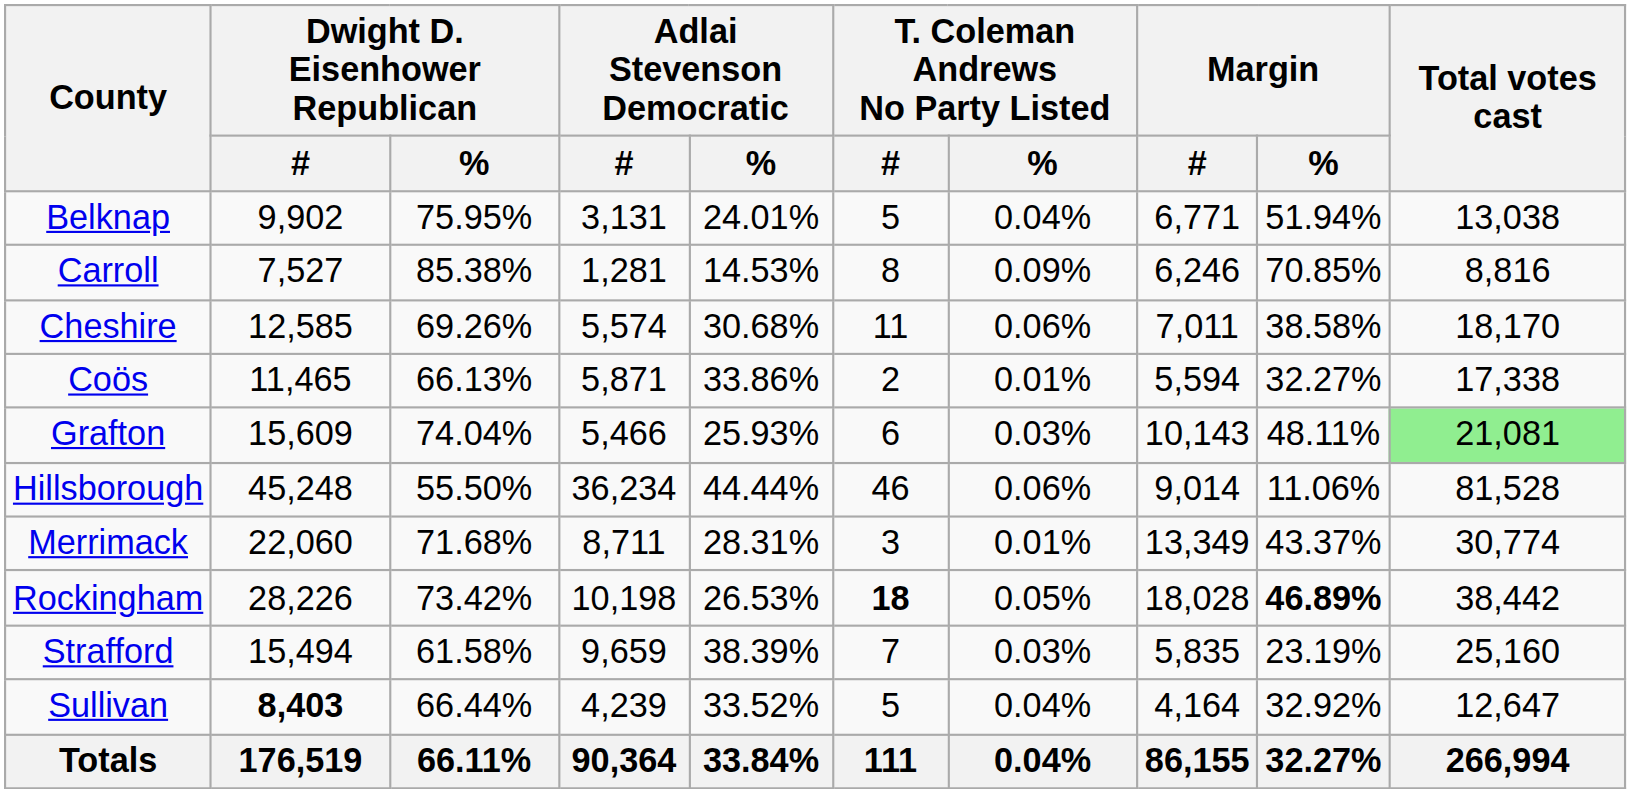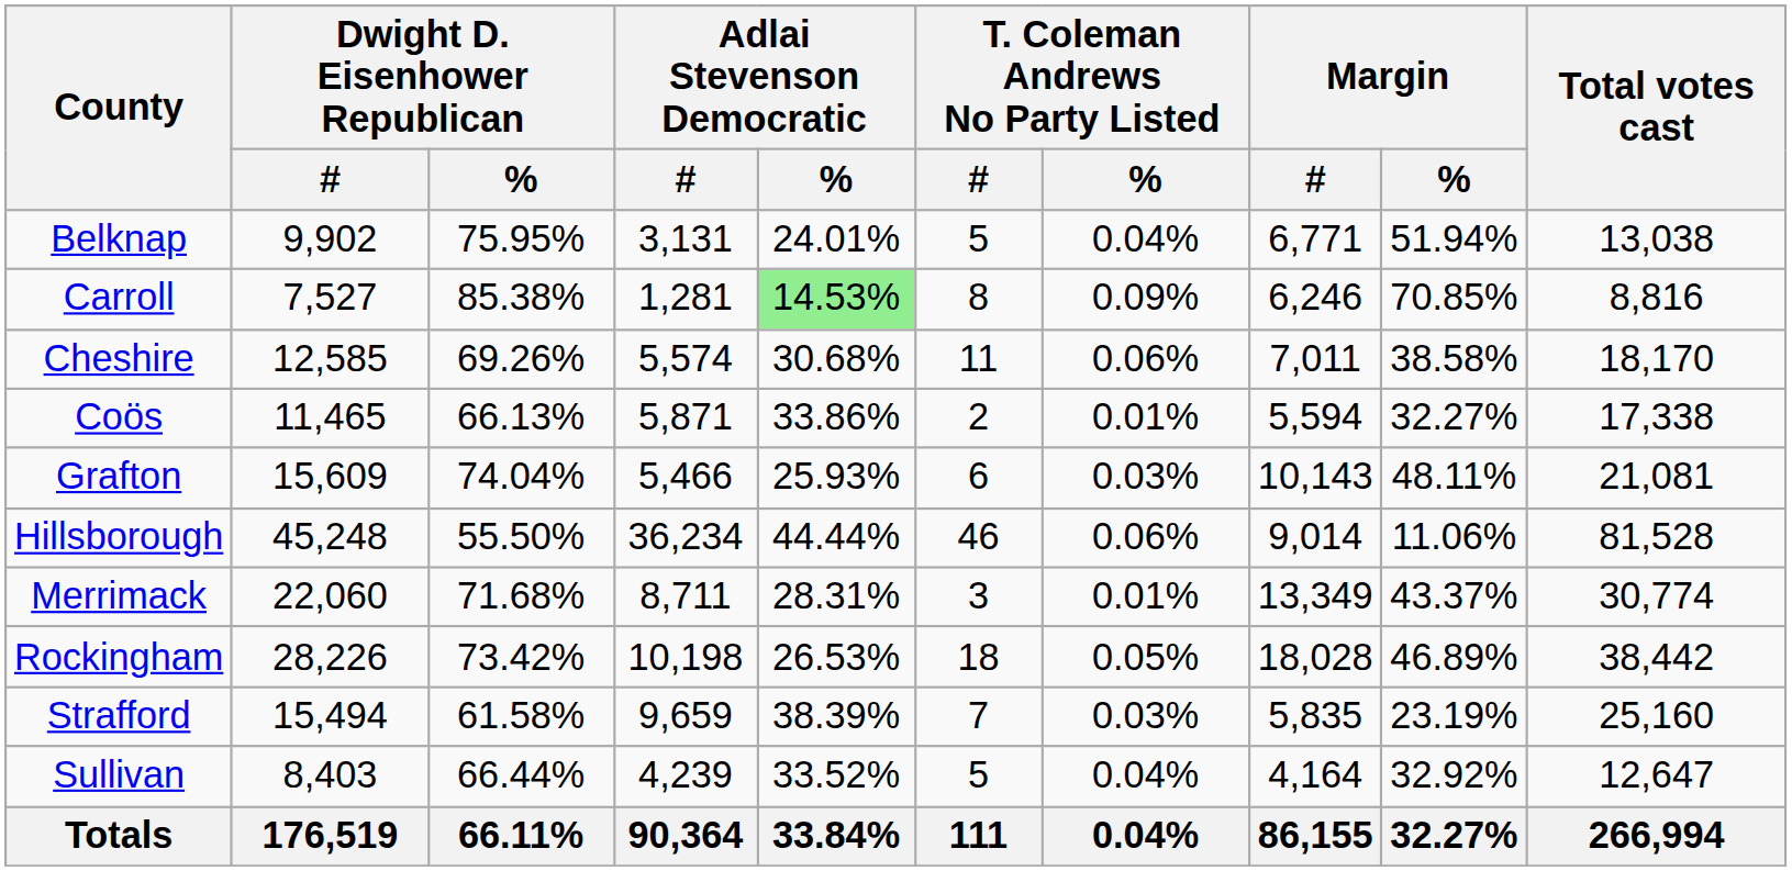 <table width="60%" class="wikitable sortable">
 <tr>
 <th rowspan="2">County</th>
 <th colspan="2">Dwight D. Eisenhower<br>Republican</th>
 <th colspan="2">Adlai Stevenson<br>Democratic</th>
 <th colspan="2">T. Coleman Andrews<br>No Party Listed</th>
 <th colspan="2">Margin</th>
 <th rowspan="2">Total votes cast</th>
 </tr>
 <tr>
 <th style="text-align:center;" data-sort-type="number">#</th>
 <th style="text-align:center;" data-sort-type="number">%</th>
 <th style="text-align:center;" data-sort-type="number">#</th>
 <th style="text-align:center;" data-sort-type="number">%</th>
 <th style="text-align:center;" data-sort-type="number">#</th>
 <th style="text-align:center;" data-sort-type="number">%</th>
 <th style="text-align:center;" data-sort-type="number">#</th>
 <th style="text-align:center;" data-sort-type="number">%</th>
 </tr>
 <tr style="text-align:center;">
 <td><a href='#'>Belknap</a></td>
 <td>9,902</td>
 <td>75.95%</td>
 <td>3,131</td>
 <td>24.01%</td>
 <td>5</td>
 <td>0.04%</td>
 <td>6,771</td>
 <td>51.94%</td>
 <td>13,038</td>
 </tr>
 <tr style="text-align:center;">
 <td><a href='#'>Carroll</a></td>
 <td>7,527</td>
 <td>85.38%</td>
 <td>1,281</td>
-<td>14.53%</td>
+<td style="background: lightgreen;">14.53%</td>
 <td>8</td>
 <td>0.09%</td>
 <td>6,246</td>
 <td>70.85%</td>
 <td>8,816</td>
 </tr>
 <tr style="text-align:center;">
 <td><a href='#'>Cheshire</a></td>
 <td>12,585</td>
 <td>69.26%</td>
 <td>5,574</td>
 <td>30.68%</td>
 <td>11</td>
 <td>0.06%</td>
 <td>7,011</td>
 <td>38.58%</td>
 <td>18,170</td>
 </tr>
 <tr style="text-align:center;">
 <td><a href='#'>Coös</a></td>
 <td>11,465</td>
 <td>66.13%</td>
 <td>5,871</td>
 <td>33.86%</td>
 <td>2</td>
 <td>0.01%</td>
 <td>5,594</td>
 <td>32.27%</td>
 <td>17,338</td>
 </tr>
 <tr style="text-align:center;">
 <td><a href='#'>Grafton</a></td>
 <td>15,609</td>
 <td>74.04%</td>
 <td>5,466</td>
 <td>25.93%</td>
 <td>6</td>
 <td>0.03%</td>
 <td>10,143</td>
 <td>48.11%</td>
-<td style="background: lightgreen;">21,081</td>
+<td>21,081</td>
 </tr>
 <tr style="text-align:center;">
 <td><a href='#'>Hillsborough</a></td>
 <td>45,248</td>
 <td>55.50%</td>
 <td>36,234</td>
 <td>44.44%</td>
 <td>46</td>
 <td>0.06%</td>
 <td>9,014</td>
 <td>11.06%</td>
 <td>81,528</td>
 </tr>
 <tr style="text-align:center;">
 <td><a href='#'>Merrimack</a></td>
 <td>22,060</td>
 <td>71.68%</td>
 <td>8,711</td>
 <td>28.31%</td>
 <td>3</td>
 <td>0.01%</td>
 <td>13,349</td>
 <td>43.37%</td>
 <td>30,774</td>
 </tr>
 <tr style="text-align:center;">
 <td><a href='#'>Rockingham</a></td>
 <td>28,226</td>
 <td>73.42%</td>
 <td>10,198</td>
 <td>26.53%</td>
-<td><strong>18</strong></td>
+<td>18</td>
 <td>0.05%</td>
 <td>18,028</td>
-<td><strong>46.89%</strong></td>
+<td>46.89%</td>
 <td>38,442</td>
 </tr>
 <tr style="text-align:center;">
 <td><a href='#'>Strafford</a></td>
 <td>15,494</td>
 <td>61.58%</td>
 <td>9,659</td>
 <td>38.39%</td>
 <td>7</td>
 <td>0.03%</td>
 <td>5,835</td>
 <td>23.19%</td>
 <td>25,160</td>
 </tr>
 <tr style="text-align:center;">
 <td><a href='#'>Sullivan</a></td>
-<td><strong>8,403</strong></td>
+<td>8,403</td>
 <td>66.44%</td>
 <td>4,239</td>
 <td>33.52%</td>
 <td>5</td>
 <td>0.04%</td>
 <td>4,164</td>
 <td>32.92%</td>
 <td>12,647</td>
 </tr>
 <tr>
 <th>Totals</th>
 <th>176,519</th>
 <th>66.11%</th>
 <th>90,364</th>
 <th>33.84%</th>
 <th>111</th>
 <th>0.04%</th>
 <th>86,155</th>
 <th>32.27%</th>
 <th>266,994</th>
 </tr>
 </table>
